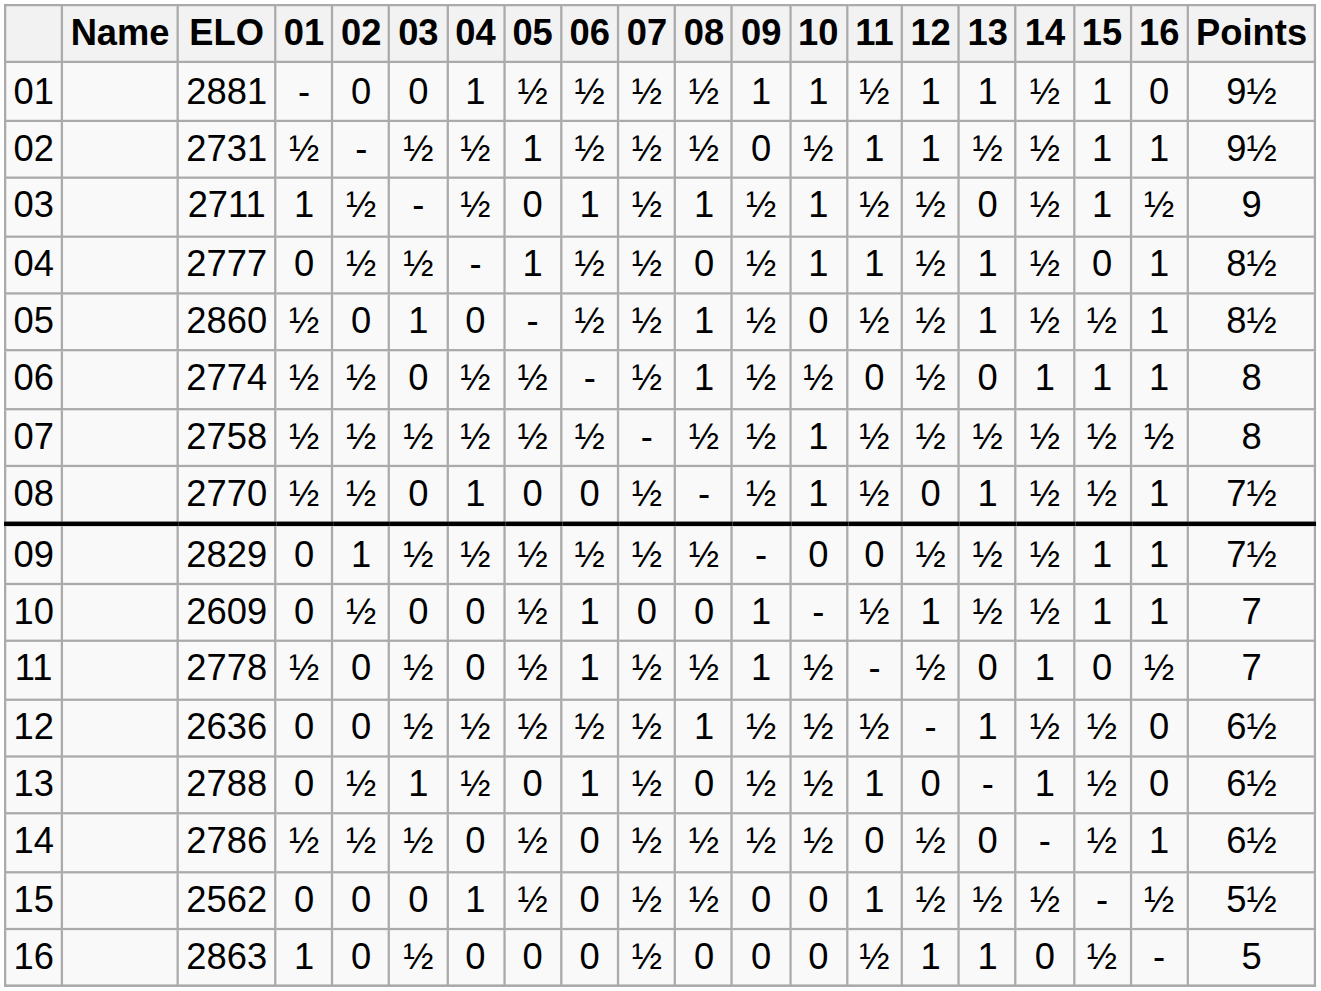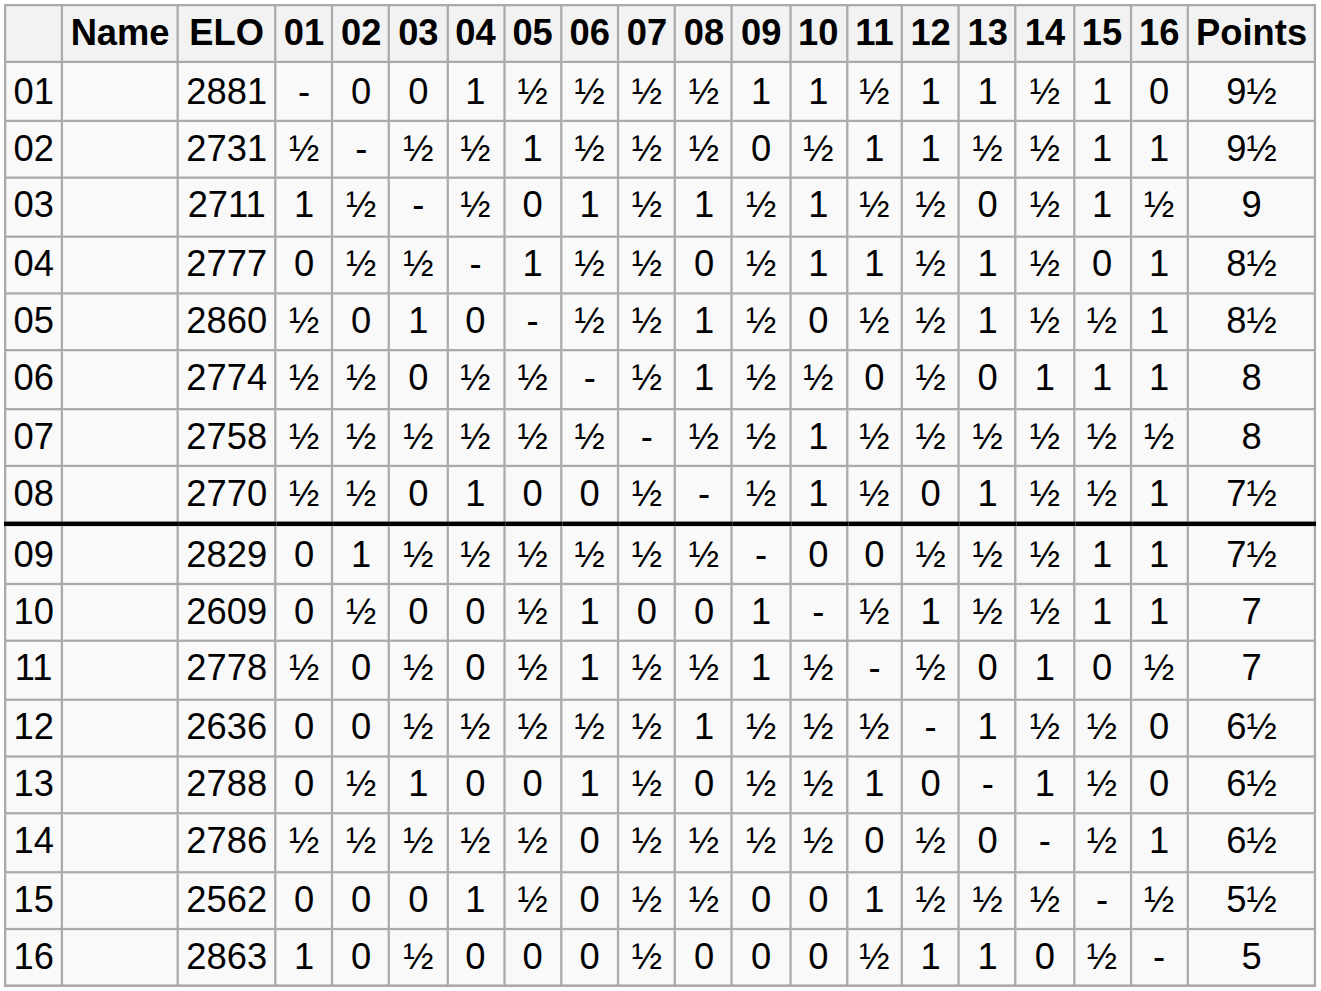 <table class="wikitable" style="text-align:center;">
 <tr>
 <th></th>
 <th>Name</th>
 <th>ELO</th>
 <th>01</th>
 <th>02</th>
 <th>03</th>
 <th>04</th>
 <th>05</th>
 <th>06</th>
 <th>07</th>
 <th>08</th>
 <th>09</th>
 <th>10</th>
 <th>11</th>
 <th>12</th>
 <th>13</th>
 <th>14</th>
 <th>15</th>
 <th>16</th>
 <th>Points</th>
 </tr>
 <tr>
 <td>01</td>
 <td style="text-align:left;" data-sort-value="Carlsen"></td>
 <td>2881</td>
 <td>-</td>
 <td>0</td>
 <td>0</td>
 <td>1</td>
 <td>½</td>
 <td>½</td>
 <td>½</td>
 <td>½</td>
 <td>1</td>
 <td>1</td>
 <td>½</td>
 <td>1</td>
 <td>1</td>
 <td>½</td>
 <td>1</td>
 <td>0</td>
 <td>9½</td>
 </tr>
 <tr>
 <td>02</td>
 <td style="text-align:left;" data-sort-value="Giri"></td>
 <td>2731</td>
 <td>½</td>
 <td>-</td>
 <td>½</td>
 <td>½</td>
 <td>1</td>
 <td>½</td>
 <td>½</td>
 <td>½</td>
 <td>0</td>
 <td>½</td>
 <td>1</td>
 <td>1</td>
 <td>½</td>
 <td>½</td>
 <td>1</td>
 <td>1</td>
 <td>9½</td>
 </tr>
 <tr>
 <td>03</td>
 <td style="text-align:left;" data-sort-value="So"></td>
 <td>2711</td>
 <td>1</td>
 <td>½</td>
 <td>-</td>
 <td>½</td>
 <td>0</td>
 <td>1</td>
 <td>½</td>
 <td>1</td>
 <td>½</td>
 <td>1</td>
 <td>½</td>
 <td>½</td>
 <td>0</td>
 <td>½</td>
 <td>1</td>
 <td>½</td>
 <td>9</td>
 </tr>
 <tr>
 <td>04</td>
 <td style="text-align:left;" data-sort-value="Aronian"></td>
 <td>2777</td>
 <td>0</td>
 <td>½</td>
 <td>½</td>
 <td>-</td>
 <td>1</td>
 <td>½</td>
 <td>½</td>
 <td>0</td>
 <td>½</td>
 <td>1</td>
 <td>1</td>
 <td>½</td>
 <td>1</td>
 <td>½</td>
 <td>0</td>
 <td>1</td>
 <td>8½</td>
 </tr>
 <tr>
 <td>05</td>
 <td style="text-align:left;" data-sort-value="Vachier-Lagrave"></td>
 <td>2860</td>
 <td>½</td>
 <td>0</td>
 <td>1</td>
 <td>0</td>
 <td>-</td>
 <td>½</td>
 <td>½</td>
 <td>1</td>
 <td>½</td>
 <td>0</td>
 <td>½</td>
 <td>½</td>
 <td>1</td>
 <td>½</td>
 <td>½</td>
 <td>1</td>
 <td>8½</td>
 </tr>
 <tr>
 <td>06</td>
 <td style="text-align:left;" data-sort-value="Duda"></td>
 <td>2774</td>
 <td>½</td>
 <td>½</td>
 <td>0</td>
 <td>½</td>
 <td>½</td>
 <td>-</td>
 <td>½</td>
 <td>1</td>
 <td>½</td>
 <td>½</td>
 <td>0</td>
 <td>½</td>
 <td>0</td>
 <td>1</td>
 <td>1</td>
 <td>1</td>
 <td>8</td>
 </tr>
 <tr>
 <td>07</td>
 <td style="text-align:left;" data-sort-value="Radjabov"></td>
 <td>2758</td>
 <td>½</td>
 <td>½</td>
 <td>½</td>
 <td>½</td>
 <td>½</td>
 <td>½</td>
 <td>-</td>
 <td>½</td>
 <td>½</td>
 <td>1</td>
 <td>½</td>
 <td>½</td>
 <td>½</td>
 <td>½</td>
 <td>½</td>
 <td>½</td>
 <td>8</td>
 </tr>
 <tr>
 <td>08</td>
 <td style="text-align:left;" data-sort-value="Dubov"></td>
 <td>2770</td>
 <td>½</td>
 <td>½</td>
 <td>0</td>
 <td>1</td>
 <td>0</td>
 <td>0</td>
 <td>½</td>
 <td>-</td>
 <td>½</td>
 <td>1</td>
 <td>½</td>
 <td>0</td>
 <td>1</td>
 <td>½</td>
 <td>½</td>
 <td>1</td>
 <td>7½</td>
 </tr>
 <tr>
 <td style="border-top: 2px solid #000000;">09</td>
 <td style="text-align:left;border-top: 2px solid #000000;" data-sort-value="Nakamura"></td>
 <td style="border-top: 2px solid #000000;">2829</td>
 <td style="border-top: 2px solid #000000;">0</td>
 <td style="border-top: 2px solid #000000;">1</td>
 <td style="border-top: 2px solid #000000;">½</td>
 <td style="border-top: 2px solid #000000;">½</td>
 <td style="border-top: 2px solid #000000;">½</td>
 <td style="border-top: 2px solid #000000;">½</td>
 <td style="border-top: 2px solid #000000;">½</td>
 <td style="border-top: 2px solid #000000;">½</td>
 <td style="border-top: 2px solid #000000;">-</td>
 <td style="border-top: 2px solid #000000;">0</td>
 <td style="border-top: 2px solid #000000;">0</td>
 <td style="border-top: 2px solid #000000;">½</td>
 <td style="border-top: 2px solid #000000;">½</td>
 <td style="border-top: 2px solid #000000;">½</td>
 <td style="border-top: 2px solid #000000;">1</td>
 <td style="border-top: 2px solid #000000;">1</td>
 <td style="border-top: 2px solid #000000;">7½</td>
 </tr>
 <tr>
 <td>10</td>
 <td style="text-align:left;" data-sort-value="Shankland"></td>
 <td>2609</td>
 <td>0</td>
 <td>½</td>
 <td>0</td>
 <td>0</td>
 <td>½</td>
 <td>1</td>
 <td>0</td>
 <td>0</td>
 <td>1</td>
 <td>-</td>
 <td>½</td>
 <td>1</td>
 <td>½</td>
 <td>½</td>
 <td>1</td>
 <td>1</td>
 <td>7</td>
 </tr>
 <tr>
 <td>11</td>
 <td style="text-align:left;" data-sort-value="Nepomniachtchi"></td>
 <td>2778</td>
 <td>½</td>
 <td>0</td>
 <td>½</td>
 <td>0</td>
 <td>½</td>
 <td>1</td>
 <td>½</td>
 <td>½</td>
 <td>1</td>
 <td>½</td>
 <td>-</td>
 <td>½</td>
 <td>0</td>
 <td>1</td>
 <td>0</td>
 <td>½</td>
 <td>7</td>
 </tr>
 <tr>
 <td>12</td>
 <td style="text-align:left;" data-sort-value="Gujrathi"></td>
 <td>2636</td>
 <td>0</td>
 <td>0</td>
 <td>½</td>
 <td>½</td>
 <td>½</td>
 <td>½</td>
 <td>½</td>
 <td>1</td>
 <td>½</td>
 <td>½</td>
 <td>½</td>
 <td>-</td>
 <td>1</td>
 <td>½</td>
 <td>½</td>
 <td>0</td>
 <td>6½</td>
 </tr>
 <tr>
 <td>13</td>
 <td style="text-align:left;" data-sort-value="Domínguez"></td>
 <td>2788</td>
 <td>0</td>
 <td>½</td>
 <td>1</td>
-<td>½</td>
+<td>0</td>
 <td>0</td>
 <td>1</td>
 <td>½</td>
 <td>0</td>
 <td>½</td>
 <td>½</td>
 <td>1</td>
 <td>0</td>
 <td>-</td>
 <td>1</td>
 <td>½</td>
 <td>0</td>
 <td>6½</td>
 </tr>
 <tr>
 <td>14</td>
 <td style="text-align:left;" data-sort-value="Grischuk"></td>
 <td>2786</td>
 <td>½</td>
 <td>½</td>
 <td>½</td>
-<td>0</td>
+<td>½</td>
 <td>½</td>
 <td>0</td>
 <td>½</td>
 <td>½</td>
 <td>½</td>
 <td>½</td>
 <td>0</td>
 <td>½</td>
 <td>0</td>
 <td>-</td>
 <td>½</td>
 <td>1</td>
 <td>6½</td>
 </tr>
 <tr>
 <td>15</td>
 <td style="text-align:left;" data-sort-value="Bluebaum"></td>
 <td>2562</td>
 <td>0</td>
 <td>0</td>
 <td>0</td>
 <td>1</td>
 <td>½</td>
 <td>0</td>
 <td>½</td>
 <td>½</td>
 <td>0</td>
 <td>0</td>
 <td>1</td>
 <td>½</td>
 <td>½</td>
 <td>½</td>
 <td>-</td>
 <td>½</td>
 <td>5½</td>
 </tr>
 <tr>
 <td>16</td>
 <td style="text-align:left;" data-sort-value="Ding"></td>
 <td>2863</td>
 <td>1</td>
 <td>0</td>
 <td>½</td>
 <td>0</td>
 <td>0</td>
 <td>0</td>
 <td>½</td>
 <td>0</td>
 <td>0</td>
 <td>0</td>
 <td>½</td>
 <td>1</td>
 <td>1</td>
 <td>0</td>
 <td>½</td>
 <td>-</td>
 <td>5</td>
 </tr>
 <tr>
 </tr>
 </table>
